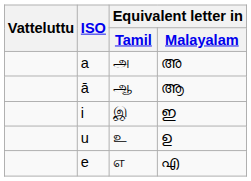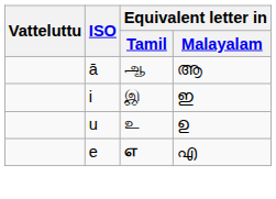 <table class="wikitable" style="display: inline-table;">
 <tr>
 <th rowspan="2">Vatteluttu</th>
 <th rowspan="2"><a href='#'>ISO</a></th>
 <th colspan="2">Equivalent letter in</th>
 </tr>
 <tr>
 <th><a href='#'>Tamil</a></th>
 <th><a href='#'>Malayalam</a></th>
-</tr>
-<tr>
-<td></td>
-<td>a</td>
-<td>அ</td>
-<td>അ</td>
 </tr>
 <tr>
 <td></td>
 <td>ā</td>
 <td>ஆ</td>
 <td>ആ</td>
 </tr>
 <tr>
 <td></td>
 <td>i</td>
 <td>இ</td>
 <td>ഇ</td>
 </tr>
 <tr>
 <td></td>
 <td>u</td>
 <td>உ</td>
 <td>ഉ</td>
 </tr>
 <tr>
 <td></td>
 <td>e</td>
-<td>எ</td>
+<td><strong>எ</strong></td>
 <td>എ</td>
 </tr>
 </table>
